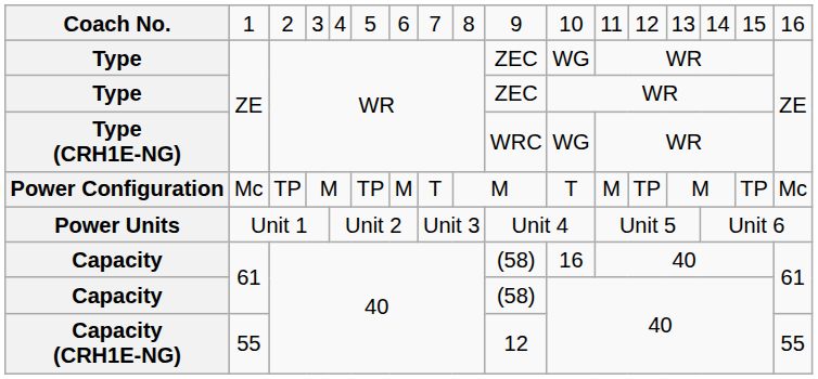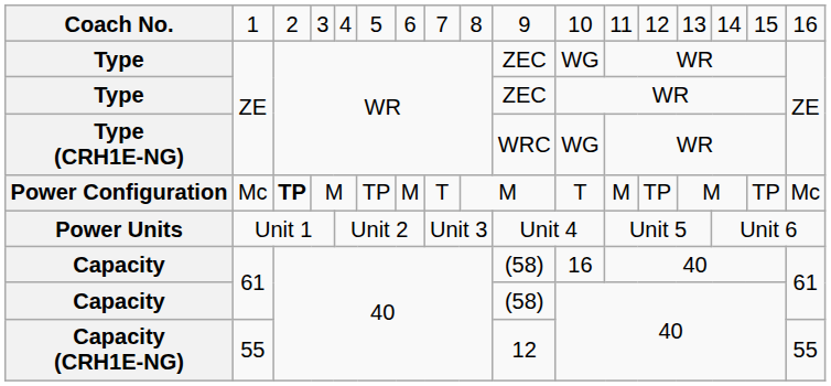 <table class="wikitable" style="text-align: center; font-size: small;">
 <tr>
 <th>Coach No.</th>
 <td>1</td>
 <td>2</td>
 <td>3</td>
 <td>4</td>
 <td>5</td>
 <td>6</td>
 <td>7</td>
 <td>8</td>
 <td>9</td>
 <td>10</td>
 <td>11</td>
 <td>12</td>
 <td>13</td>
 <td>14</td>
 <td>15</td>
 <td>16</td>
 </tr>
 <tr>
 <th>Type</th>
 <td rowspan="3">ZE</td>
 <td colspan="7" rowspan="3">WR</td>
 <td>ZEC</td>
 <td>WG</td>
 <td colspan="5">WR</td>
 <td rowspan="3">ZE</td>
 </tr>
 <tr>
 <th>Type</th>
 <td>ZEC</td>
 <td colspan="6">WR</td>
 </tr>
 <tr>
 <th>Type<br>(CRH1E-NG)</th>
 <td>WRC</td>
 <td>WG</td>
 <td colspan="5">WR</td>
 </tr>
 <tr>
 <th>Power Configuration</th>
 <td>Mc</td>
-<td>TP</td>
+<td><strong>TP</strong></td>
 <td colspan=2>M</td>
 <td>TP</td>
 <td>M</td>
 <td>T</td>
 <td colspan=2>M</td>
 <td>T</td>
 <td>M</td>
 <td>TP</td>
 <td colspan=2>M</td>
 <td>TP</td>
 <td>Mc</td>
 </tr>
 <tr>
 <th>Power Units</th>
 <td colspan=3>Unit 1</td>
 <td colspan=3>Unit 2</td>
 <td colspan=2>Unit 3</td>
 <td colspan=2>Unit 4</td>
 <td colspan=3>Unit 5</td>
 <td colspan=3>Unit 6</td>
 </tr>
 <tr>
 <th>Capacity</th>
 <td rowspan="2">61</td>
 <td colspan="7" rowspan="3">40</td>
 <td>(58)</td>
 <td>16</td>
 <td colspan="5">40</td>
 <td rowspan="2">61</td>
 </tr>
 <tr>
 <th>Capacity</th>
 <td>(58)</td>
 <td colspan="6" rowspan="2">40</td>
 </tr>
 <tr>
 <th>Capacity<br>(CRH1E-NG)</th>
 <td>55</td>
 <td>12</td>
 <td>55</td>
 </tr>
 </table>
